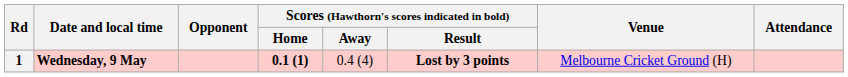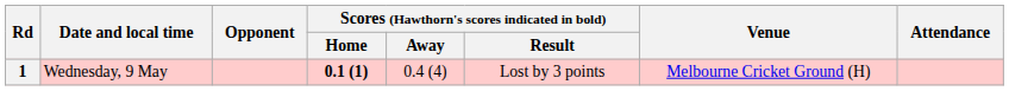 <table class="wikitable" style="font-size:90%; text-align:center; width: 100%; margin-left: auto; margin-right: auto">
 <tr>
 <th rowspan="2">Rd</th>
 <th rowspan="2">Date and local time</th>
 <th rowspan="2">Opponent</th>
 <th colspan="3">Scores <small>(Hawthorn's scores indicated in bold)</small></th>
 <th rowspan="2">Venue</th>
 <th rowspan="2">Attendance</th>
 </tr>
 <tr>
 <th>Home</th>
 <th>Away</th>
 <th>Result</th>
 </tr>
 <tr style="background:#fcc;">
 <th>1</th>
-<td align=left><strong>Wednesday, 9 May</strong></td>
+<td align=left>Wednesday, 9 May</td>
 <td align=left></td>
 <td><strong>0.1 (1)</strong></td>
 <td>0.4 (4)</td>
-<td><strong>Lost by 3 points</strong></td>
+<td>Lost by 3 points</td>
 <td><a href='#'>Melbourne Cricket Ground</a> (H)</td>
 <td></td>
 </tr>
 </table>
